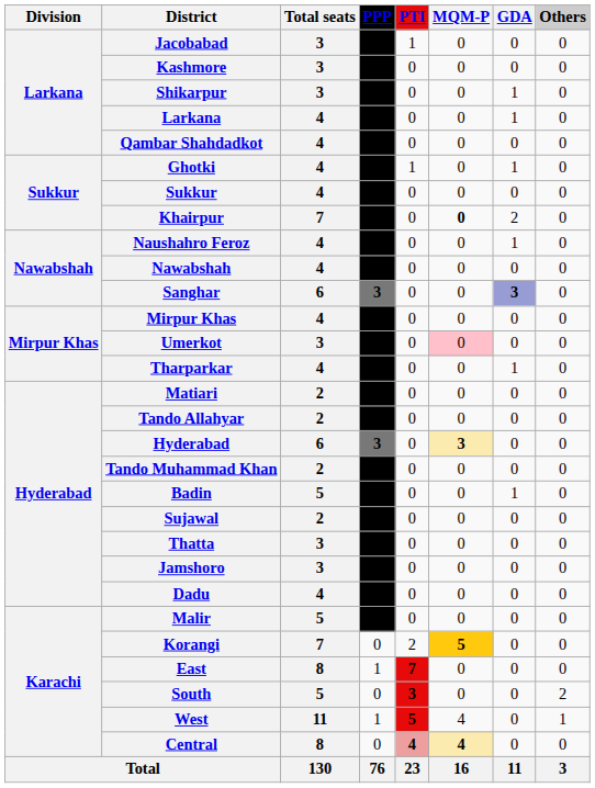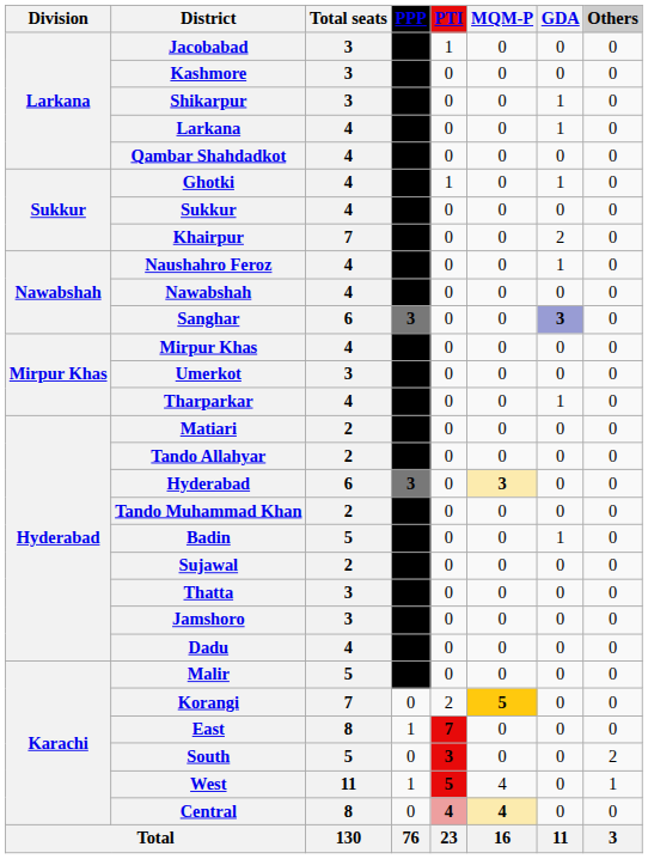 <table class="wikitable sortable" style="text-align:center;">
 <tr bgcolor="#cccccc">
 <th>Division</th>
 <th>District</th>
 <th>Total seats</th>
 <th style="background:#000000;"><a href='#'><span><strong>PPP</strong></span></a></th>
 <th style="background:#E70A0A;"><a href='#'><span><strong>PTI</strong></span></a></th>
 <th style="background:"><a href='#'><span><strong>MQM-P</strong></span></a></th>
 <th style="background:"><a href='#'><span><strong>GDA</strong></span></a></th>
 <td><span><strong>Others</strong></span></td>
 </tr>
 <tr>
 <th rowspan="5"><a href='#'>Larkana</a></th>
 <th><a href='#'>Jacobabad</a></th>
 <th>3</th>
 <td bgcolor="#000000"><span><strong>2</strong></span></td>
 <td>1</td>
 <td>0</td>
 <td>0</td>
 <td>0</td>
 </tr>
 <tr>
 <th><a href='#'>Kashmore</a></th>
 <th>3</th>
 <td bgcolor="#000000"><span><strong>3</strong></span></td>
 <td>0</td>
 <td>0</td>
 <td>0</td>
 <td>0</td>
 </tr>
 <tr>
 <th><a href='#'>Shikarpur</a></th>
 <th>3</th>
 <td bgcolor="#000000"><span><strong>2</strong></span></td>
 <td>0</td>
 <td>0</td>
 <td>1</td>
 <td>0</td>
 </tr>
 <tr>
 <th><a href='#'>Larkana</a></th>
 <th>4</th>
 <td bgcolor="#000000"><span><strong>3</strong></span></td>
 <td>0</td>
 <td>0</td>
 <td>1</td>
 <td>0</td>
 </tr>
 <tr>
 <th><a href='#'>Qambar Shahdadkot</a></th>
 <th>4</th>
 <td bgcolor="#000000"><span><strong>4</strong></span></td>
 <td>0</td>
 <td>0</td>
 <td>0</td>
 <td>0</td>
 </tr>
 <tr>
 <th rowspan="3"><a href='#'>Sukkur</a></th>
 <th><a href='#'>Ghotki</a></th>
 <th>4</th>
 <td bgcolor="#000000"><span><strong>2</strong></span></td>
 <td>1</td>
 <td>0</td>
 <td>1</td>
 <td>0</td>
 </tr>
 <tr>
 <th><a href='#'>Sukkur</a></th>
 <th>4</th>
 <td bgcolor="#000000"><span><strong>4</strong></span></td>
 <td>0</td>
 <td>0</td>
 <td>0</td>
 <td>0</td>
 </tr>
 <tr>
 <th><a href='#'>Khairpur</a></th>
 <th>7</th>
 <td bgcolor="#000000"><span><strong>5</strong></span></td>
 <td>0</td>
-<td><strong>0</strong></td>
+<td>0</td>
 <td>2</td>
 <td>0</td>
 </tr>
 <tr>
 <th rowspan="3"><a href='#'>Nawabshah</a></th>
 <th><a href='#'>Naushahro Feroz</a></th>
 <th>4</th>
 <td bgcolor="#000000"><span><strong>3</strong></span></td>
 <td>0</td>
 <td>0</td>
 <td>1</td>
 <td>0</td>
 </tr>
 <tr>
 <th><a href='#'>Nawabshah</a></th>
 <th>4</th>
 <td bgcolor="#000000"><span><strong>4</strong></span></td>
 <td>0</td>
 <td>0</td>
 <td>0</td>
 <td>0</td>
 </tr>
 <tr>
 <th><a href='#'>Sanghar</a></th>
 <th>6</th>
 <td bgcolor="#787878"><span><strong>3</strong></span></td>
 <td>0</td>
 <td>0</td>
 <td bgcolor=#989cd4><span><strong>3</strong></span></td>
 <td>0</td>
 </tr>
 <tr>
 <th rowspan="3"><a href='#'>Mirpur Khas</a></th>
 <th><a href='#'>Mirpur Khas</a></th>
 <th>4</th>
 <td bgcolor="#000000"><span><strong>4</strong></span></td>
 <td>0</td>
 <td>0</td>
 <td>0</td>
 <td>0</td>
 </tr>
 <tr>
 <th><a href='#'>Umerkot</a></th>
 <th>3</th>
 <td bgcolor="#000000"><span><strong>3</strong></span></td>
 <td>0</td>
-<td style="background: pink;">0</td>
+<td>0</td>
 <td>0</td>
 <td>0</td>
 </tr>
 <tr>
 <th><a href='#'>Tharparkar</a></th>
 <th>4</th>
 <td bgcolor="#000000"><span><strong>3</strong></span></td>
 <td>0</td>
 <td>0</td>
 <td>1</td>
 <td>0</td>
 </tr>
 <tr>
 <th rowspan="9"><a href='#'>Hyderabad</a></th>
 <th><a href='#'>Matiari</a></th>
 <th>2</th>
 <td bgcolor="#000000"><span><strong>2</strong></span></td>
 <td>0</td>
 <td>0</td>
 <td>0</td>
 <td>0</td>
 </tr>
 <tr>
 <th><a href='#'>Tando Allahyar</a></th>
 <th>2</th>
 <td bgcolor="#000000"><span><strong>2</strong></span></td>
 <td>0</td>
 <td>0</td>
 <td>0</td>
 <td>0</td>
 </tr>
 <tr>
 <th><a href='#'>Hyderabad</a></th>
 <th>6</th>
 <td bgcolor="#787878"><span><strong>3</strong></span></td>
 <td>0</td>
 <td bgcolor=#fcebae><span><strong>3</strong></span></td>
 <td>0</td>
 <td>0</td>
 </tr>
 <tr>
 <th><a href='#'>Tando Muhammad Khan</a></th>
 <th>2</th>
 <td bgcolor="#000000"><span><strong>2</strong></span></td>
 <td>0</td>
 <td>0</td>
 <td>0</td>
 <td>0</td>
 </tr>
 <tr>
 <th><a href='#'>Badin</a></th>
 <th>5</th>
 <td bgcolor="#000000"><span><strong>4</strong></span></td>
 <td>0</td>
 <td>0</td>
 <td>1</td>
 <td>0</td>
 </tr>
 <tr>
 <th><a href='#'>Sujawal</a></th>
 <th>2</th>
 <td bgcolor="#000000"><span><strong>2</strong></span></td>
 <td>0</td>
 <td>0</td>
 <td>0</td>
 <td>0</td>
 </tr>
 <tr>
 <th><a href='#'>Thatta</a></th>
 <th>3</th>
 <td bgcolor="#000000"><span><strong>3</strong></span></td>
 <td>0</td>
 <td>0</td>
 <td>0</td>
 <td>0</td>
 </tr>
 <tr>
 <th><a href='#'>Jamshoro</a></th>
 <th>3</th>
 <td bgcolor="#000000"><span><strong>3</strong></span></td>
 <td>0</td>
 <td>0</td>
 <td>0</td>
 <td>0</td>
 </tr>
 <tr>
 <th><a href='#'>Dadu</a></th>
 <th>4</th>
 <td bgcolor="#000000"><span><strong>4</strong></span></td>
 <td>0</td>
 <td>0</td>
 <td>0</td>
 <td>0</td>
 </tr>
 <tr>
 <th rowspan="6"><a href='#'>Karachi</a></th>
 <th><a href='#'>Malir</a></th>
 <th>5</th>
 <td bgcolor="#000000"><span><strong>4</strong></span></td>
 <td>0</td>
 <td>0</td>
 <td>0</td>
 <td>0</td>
 </tr>
 <tr>
 <th><a href='#'>Korangi</a></th>
 <th>7</th>
 <td>0</td>
 <td>2</td>
 <td bgcolor=#ffc90e><span><strong>5</strong></span></td>
 <td>0</td>
 <td>0</td>
 </tr>
 <tr>
 <th><a href='#'>East</a></th>
 <th>8</th>
 <td>1</td>
 <td bgcolor=#E70A0A><span><strong>7</strong></span></td>
 <td>0</td>
 <td>0</td>
 <td>0</td>
 </tr>
 <tr>
 <th><a href='#'>South</a></th>
 <th>5</th>
 <td>0</td>
 <td bgcolor=#E70A0A><span><strong>3</strong></span></td>
 <td>0</td>
 <td>0</td>
 <td>2</td>
 </tr>
 <tr>
 <th><a href='#'>West</a></th>
 <th>11</th>
 <td>1</td>
 <td bgcolor=#E70A0A><span><strong>5</strong></span></td>
 <td>4</td>
 <td>0</td>
 <td>1</td>
 </tr>
 <tr>
 <th><a href='#'>Central</a></th>
 <th>8</th>
 <td>0</td>
 <td bgcolor=#ed9f9f><span><strong>4</strong></span></td>
 <td bgcolor=#fcebae><span><strong>4</strong></span></td>
 <td>0</td>
 <td>0</td>
 </tr>
 <tr>
 <th colspan="2">Total</th>
 <th>130</th>
 <th>76</th>
 <th>23</th>
 <th>16</th>
 <th>11</th>
 <th>3</th>
 </tr>
 </table>
